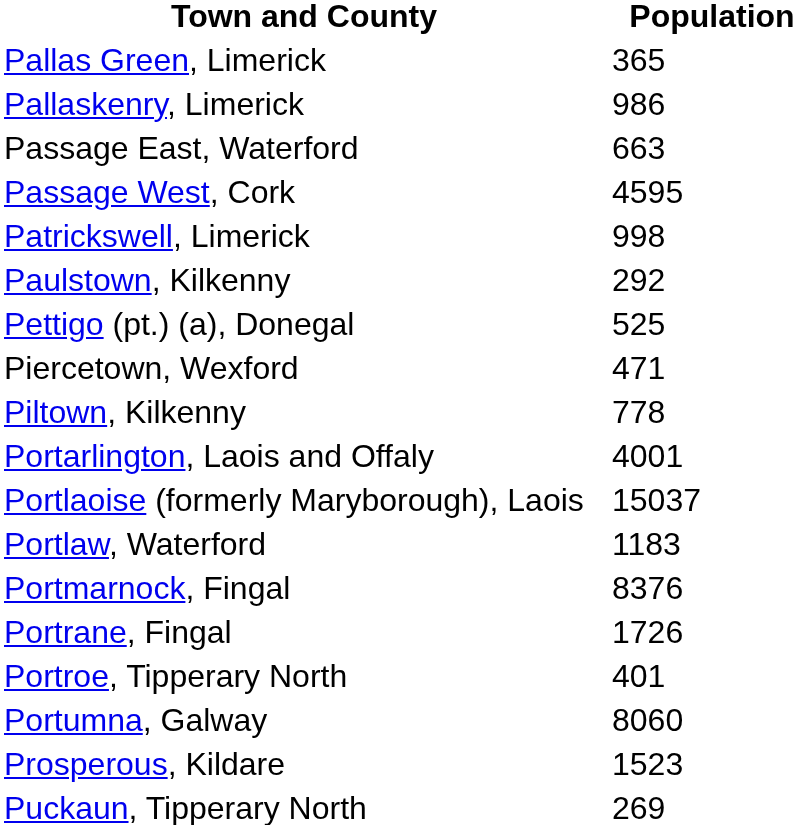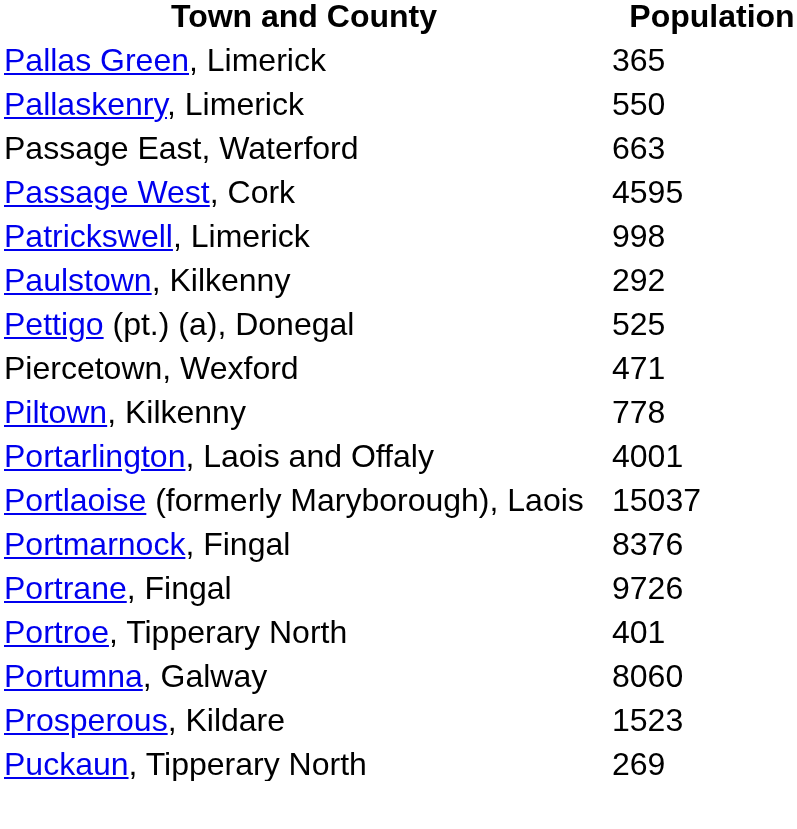 <table>
 <tr>
 <th style="width:300px;align:left;">Town and County</th>
 <th style="width:100px;align:right;">Population</th>
 </tr>
 <tr>
 <td><a href='#'>Pallas Green</a>, Limerick</td>
 <td>365</td>
 </tr>
 <tr>
 <td><a href='#'>Pallaskenry</a>, Limerick</td>
-<td>986</td>
+<td>550</td>
 </tr>
 <tr>
 <td>Passage East, Waterford</td>
 <td>663</td>
 </tr>
 <tr>
 <td><a href='#'>Passage West</a>, Cork</td>
 <td>4595</td>
 </tr>
 <tr>
 <td><a href='#'>Patrickswell</a>, Limerick</td>
 <td>998</td>
 </tr>
 <tr>
 <td><a href='#'>Paulstown</a>, Kilkenny</td>
 <td>292</td>
 </tr>
 <tr>
 <td><a href='#'>Pettigo</a> (pt.) (a), Donegal</td>
 <td>525</td>
 </tr>
 <tr>
 <td>Piercetown, Wexford</td>
 <td>471</td>
 </tr>
 <tr>
 <td><a href='#'>Piltown</a>, Kilkenny</td>
 <td>778</td>
 </tr>
 <tr>
 <td><a href='#'>Portarlington</a>, Laois and Offaly</td>
 <td>4001</td>
 </tr>
 <tr>
 <td><a href='#'>Portlaoise</a> (formerly Maryborough), Laois</td>
 <td>15037</td>
 </tr>
 <tr>
-<td><a href='#'>Portlaw</a>, Waterford</td>
-<td>1183</td>
-</tr>
-<tr>
 <td><a href='#'>Portmarnock</a>, Fingal</td>
 <td>8376</td>
 </tr>
 <tr>
 <td><a href='#'>Portrane</a>, Fingal</td>
-<td>1726</td>
+<td>9726</td>
 </tr>
 <tr>
 <td><a href='#'>Portroe</a>, Tipperary North</td>
 <td>401</td>
 </tr>
 <tr>
 <td><a href='#'>Portumna</a>, Galway</td>
 <td>8060</td>
 </tr>
 <tr>
 <td><a href='#'>Prosperous</a>, Kildare</td>
 <td>1523</td>
 </tr>
 <tr>
 <td><a href='#'>Puckaun</a>, Tipperary North</td>
 <td>269</td>
 </tr>
 </table>
